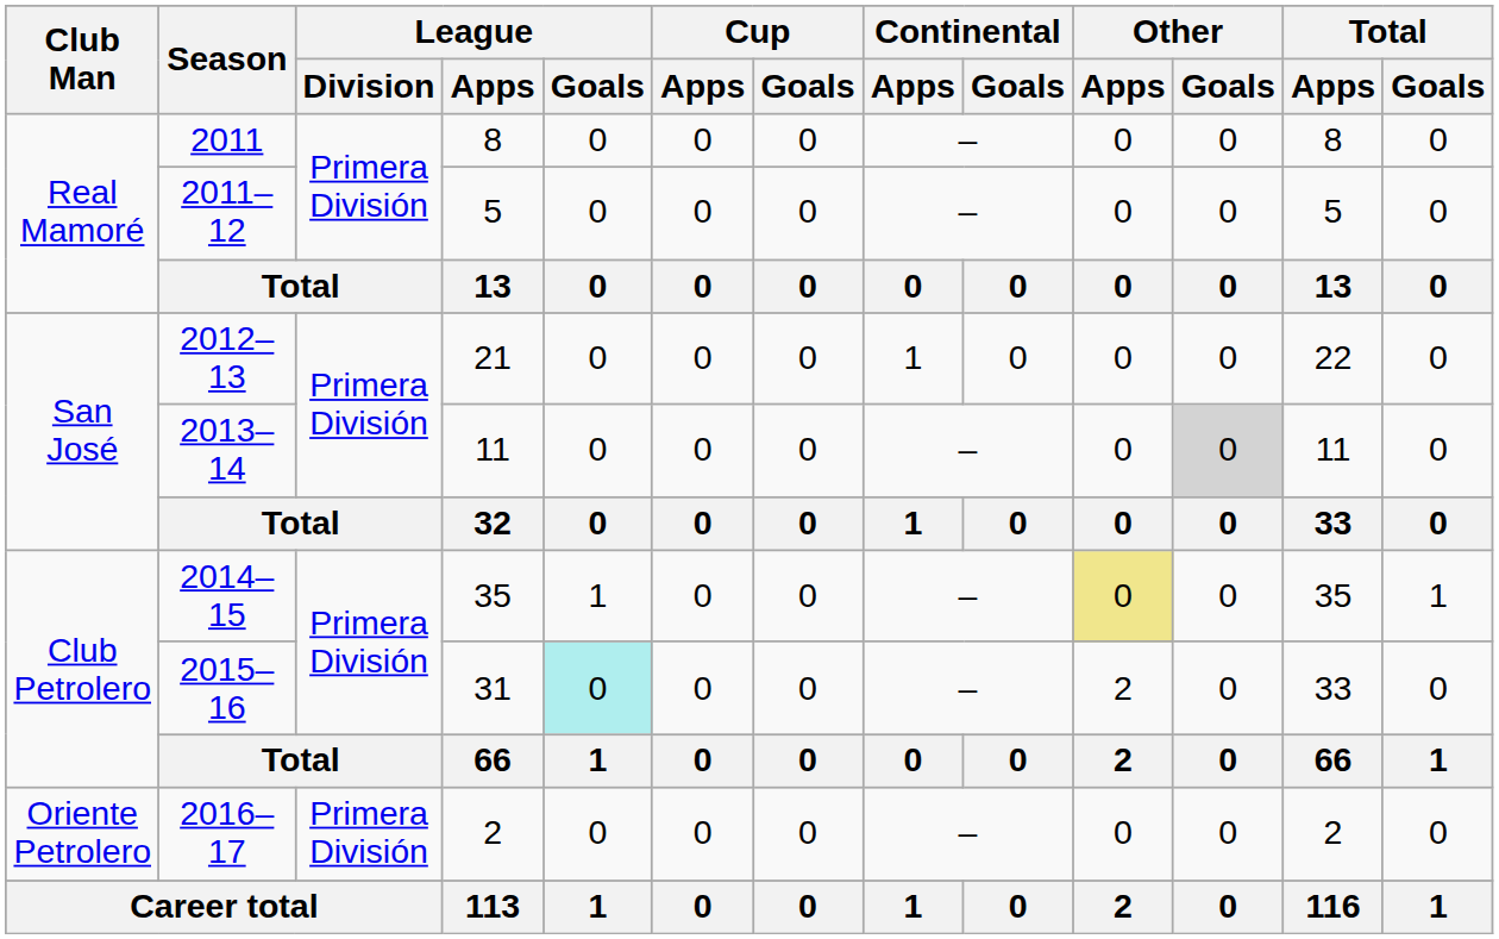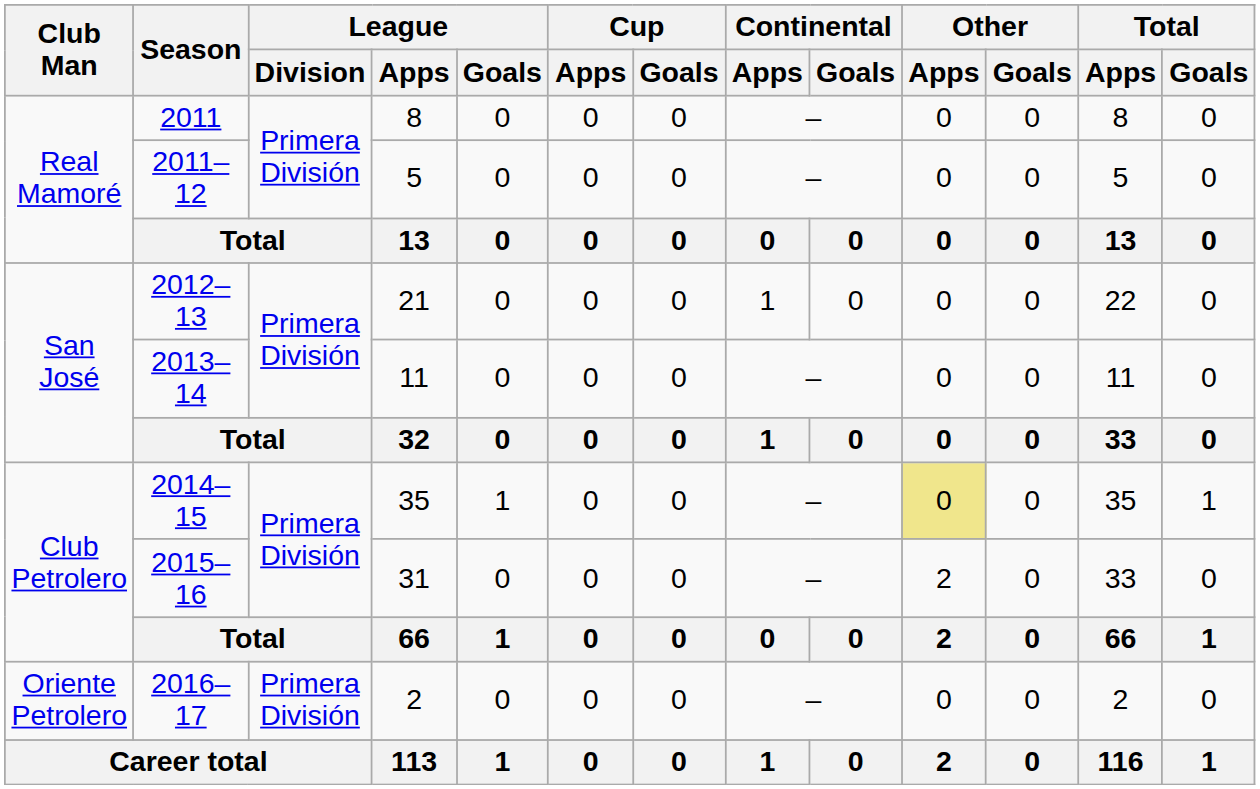 <table class="wikitable" style="text-align: center">
 <tr>
 <th rowspan="2">Club Man</th>
 <th rowspan="2">Season</th>
 <th colspan="3">League</th>
 <th colspan="2">Cup</th>
 <th colspan="2">Continental</th>
 <th colspan="2">Other</th>
 <th colspan="2">Total</th>
 </tr>
 <tr>
 <th>Division</th>
 <th>Apps</th>
 <th>Goals</th>
 <th>Apps</th>
 <th>Goals</th>
 <th>Apps</th>
 <th>Goals</th>
 <th>Apps</th>
 <th>Goals</th>
 <th>Apps</th>
 <th>Goals</th>
 </tr>
 <tr>
 <td rowspan="3"><a href='#'>Real Mamoré</a></td>
 <td><a href='#'>2011</a></td>
 <td rowspan="2"><a href='#'>Primera División</a></td>
 <td>8</td>
 <td>0</td>
 <td>0</td>
 <td>0</td>
 <td colspan="2">–</td>
 <td>0</td>
 <td>0</td>
 <td>8</td>
 <td>0</td>
 </tr>
 <tr>
 <td><a href='#'>2011–12</a></td>
 <td>5</td>
 <td>0</td>
 <td>0</td>
 <td>0</td>
 <td colspan="2">–</td>
 <td>0</td>
 <td>0</td>
 <td>5</td>
 <td>0</td>
 </tr>
 <tr>
 <th colspan=2>Total</th>
 <th>13</th>
 <th>0</th>
 <th>0</th>
 <th>0</th>
 <th>0</th>
 <th>0</th>
 <th>0</th>
 <th>0</th>
 <th>13</th>
 <th>0</th>
 </tr>
 <tr>
 <td rowspan="3"><a href='#'>San José</a></td>
 <td><a href='#'>2012–13</a></td>
 <td rowspan="2"><a href='#'>Primera División</a></td>
 <td>21</td>
 <td>0</td>
 <td>0</td>
 <td>0</td>
 <td>1</td>
 <td>0</td>
 <td>0</td>
 <td>0</td>
 <td>22</td>
 <td>0</td>
 </tr>
 <tr>
 <td><a href='#'>2013–14</a></td>
 <td>11</td>
 <td>0</td>
 <td>0</td>
 <td>0</td>
 <td colspan="2">–</td>
 <td>0</td>
-<td style="background: lightgrey;">0</td>
+<td>0</td>
 <td>11</td>
 <td>0</td>
 </tr>
 <tr>
 <th colspan=2>Total</th>
 <th>32</th>
 <th>0</th>
 <th>0</th>
 <th>0</th>
 <th>1</th>
 <th>0</th>
 <th>0</th>
 <th>0</th>
 <th>33</th>
 <th>0</th>
 </tr>
 <tr>
 <td rowspan="3"><a href='#'>Club Petrolero</a></td>
 <td><a href='#'>2014–15</a></td>
 <td rowspan="2"><a href='#'>Primera División</a></td>
 <td>35</td>
 <td>1</td>
 <td>0</td>
 <td>0</td>
 <td colspan="2">–</td>
 <td style="background: khaki;">0</td>
 <td>0</td>
 <td>35</td>
 <td>1</td>
 </tr>
 <tr>
 <td><a href='#'>2015–16</a></td>
 <td>31</td>
-<td style="background: paleturquoise;">0</td>
+<td>0</td>
 <td>0</td>
 <td>0</td>
 <td colspan="2">–</td>
 <td>2</td>
 <td>0</td>
 <td>33</td>
 <td>0</td>
 </tr>
 <tr>
 <th colspan=2>Total</th>
 <th>66</th>
 <th>1</th>
 <th>0</th>
 <th>0</th>
 <th>0</th>
 <th>0</th>
 <th>2</th>
 <th>0</th>
 <th>66</th>
 <th>1</th>
 </tr>
 <tr>
 <td><a href='#'>Oriente Petrolero</a></td>
 <td><a href='#'>2016–17</a></td>
 <td><a href='#'>Primera División</a></td>
 <td>2</td>
 <td>0</td>
 <td>0</td>
 <td>0</td>
 <td colspan="2">–</td>
 <td>0</td>
 <td>0</td>
 <td>2</td>
 <td>0</td>
 </tr>
 <tr>
 <th colspan=3>Career total</th>
 <th>113</th>
 <th>1</th>
 <th>0</th>
 <th>0</th>
 <th>1</th>
 <th>0</th>
 <th>2</th>
 <th>0</th>
 <th>116</th>
 <th>1</th>
 </tr>
 </table>
